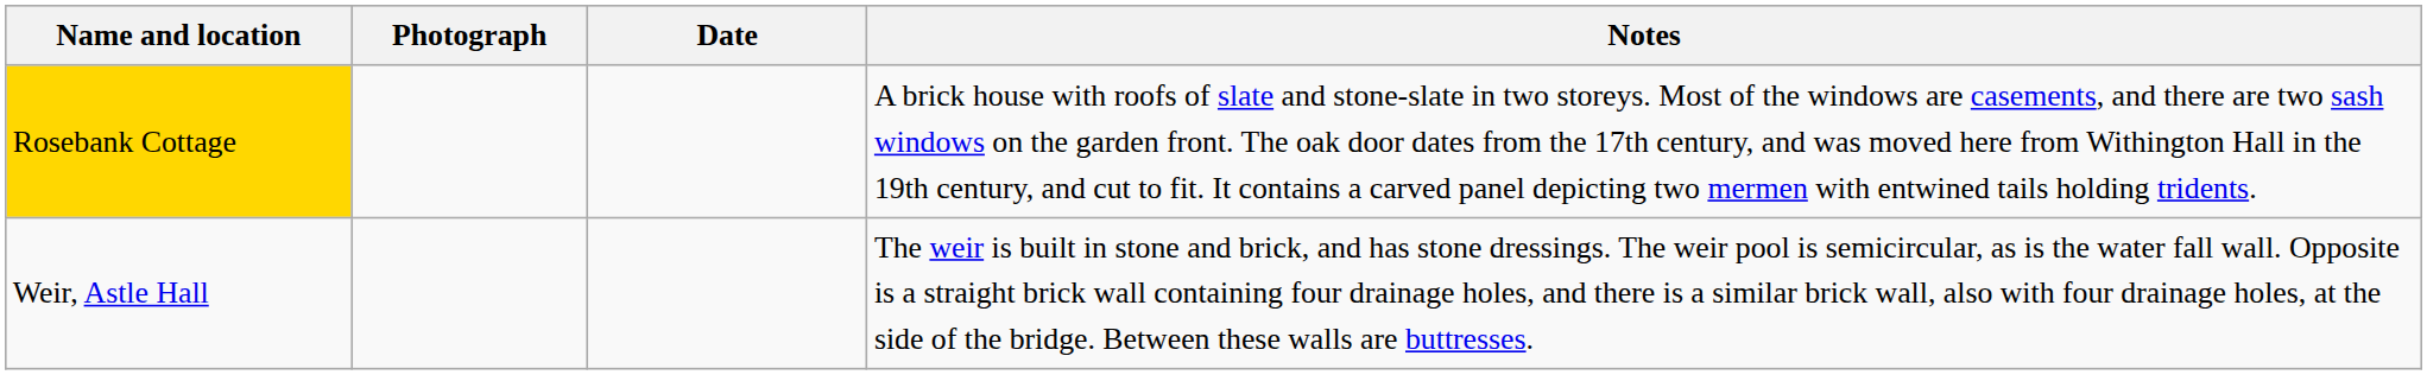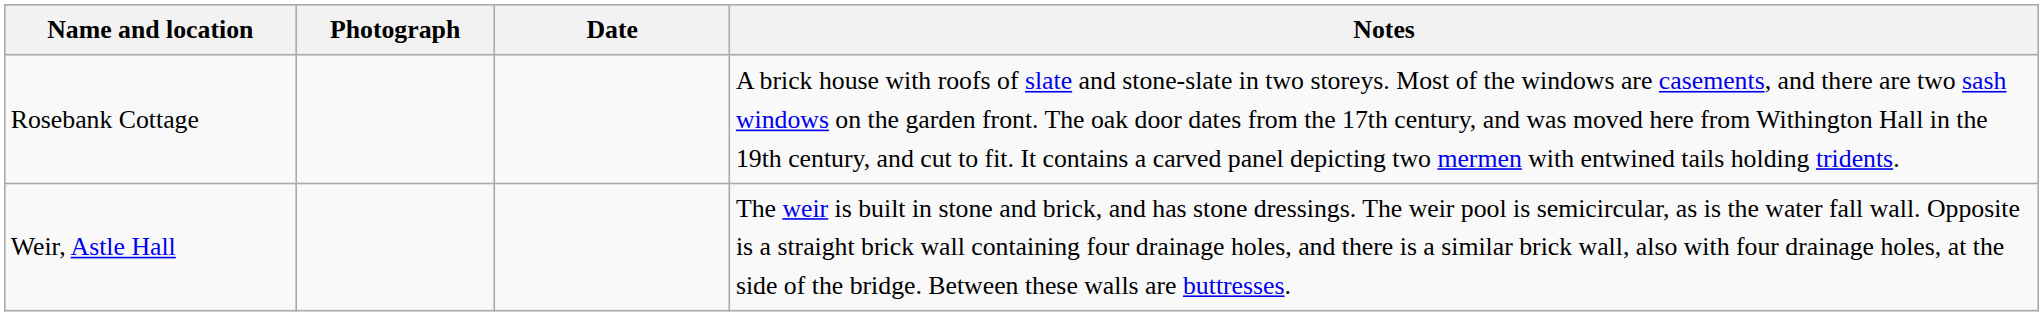 <table class="wikitable sortable plainrowheaders" style="width:100%;border:0px;text-align:left;line-height:150%;">
 <tr>
 <th scope="col"  style="width:150px">Name and location</th>
 <th scope="col"  style="width:100px" class="unsortable">Photograph</th>
 <th scope="col"  style="width:120px">Date</th>
 <th scope="col"  style="width:700px" class="unsortable">Notes</th>
 </tr>
 <tr>
-<td style="background: gold;">Rosebank Cottage<br><small></small></td>
+<td>Rosebank Cottage<br><small></small></td>
 <td></td>
 <td align="center"></td>
 <td>A brick house with roofs of <a href='#'>slate</a> and stone-slate in two storeys. Most of the windows are <a href='#'>casements</a>, and there are two <a href='#'>sash windows</a> on the garden front.  The oak door dates from the 17th century, and was moved here from Withington Hall in the 19th century, and cut to fit.  It contains a carved panel depicting two <a href='#'>mermen</a> with entwined tails holding <a href='#'>tridents</a>.</td>
 </tr>
 <tr>
 <td>Weir, <a href='#'>Astle Hall</a><br><small></small></td>
 <td></td>
 <td align="center"></td>
 <td>The <a href='#'>weir</a> is built in stone and brick, and has stone dressings.  The weir pool is semicircular, as is the water fall wall.  Opposite is a straight brick wall containing four drainage holes, and there is a similar brick wall, also with four drainage holes, at the side of the bridge.  Between these walls are <a href='#'>buttresses</a>.</td>
 </tr>
 <tr>
 </tr>
 </table>
